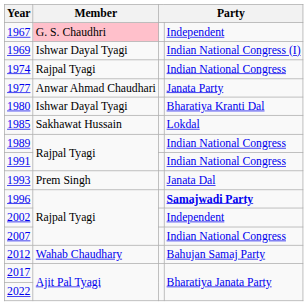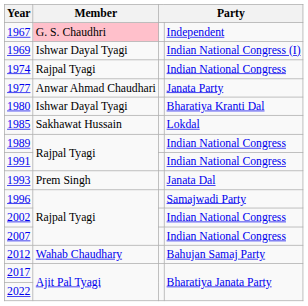 <table class="wikitable">
 <tr>
 <th>Year</th>
 <th>Member</th>
 <th colspan="2">Party</th>
 </tr>
 <tr>
 <td><a href='#'>1967</a></td>
 <td style="background: pink;">G. S. Chaudhri</td>
 <td style="background-color: "></td>
 <td><a href='#'>Independent</a></td>
 </tr>
 <tr>
 <td><a href='#'>1969</a></td>
 <td>Ishwar Dayal Tyagi</td>
 <td style="background-color: "></td>
 <td><a href='#'>Indian National Congress (I)</a></td>
 </tr>
 <tr>
 <td><a href='#'>1974</a></td>
 <td>Rajpal Tyagi</td>
 <td style="background-color: "></td>
 <td><a href='#'>Indian National Congress</a></td>
 </tr>
 <tr>
 <td><a href='#'>1977</a></td>
 <td>Anwar Ahmad Chaudhari</td>
 <td style="background-color: "></td>
 <td><a href='#'>Janata Party</a></td>
 </tr>
 <tr>
 <td><a href='#'>1980</a></td>
 <td>Ishwar Dayal Tyagi</td>
 <td style="background-color: "></td>
 <td><a href='#'>Bharatiya Kranti Dal</a></td>
 </tr>
 <tr>
 <td><a href='#'>1985</a></td>
 <td>Sakhawat Hussain</td>
 <td style="background-color: "></td>
 <td><a href='#'>Lokdal</a></td>
 </tr>
 <tr>
 <td><a href='#'>1989</a></td>
 <td rowspan="2">Rajpal Tyagi</td>
 <td style="background-color: "></td>
 <td><a href='#'>Indian National Congress</a></td>
 </tr>
 <tr>
 <td><a href='#'>1991</a></td>
 <td style="background-color: "></td>
 <td><a href='#'>Indian National Congress</a></td>
 </tr>
 <tr>
 <td><a href='#'>1993</a></td>
 <td>Prem Singh</td>
 <td style="background-color: "></td>
 <td><a href='#'>Janata Dal</a></td>
 </tr>
 <tr>
 <td><a href='#'>1996</a></td>
 <td rowspan="3">Rajpal Tyagi</td>
 <td style="background-color: "></td>
-<td><strong><a href='#'>Samajwadi Party</a></strong></td>
+<td><a href='#'>Samajwadi Party</a></td>
 </tr>
 <tr>
 <td><a href='#'>2002</a></td>
 <td style="background-color: "></td>
-<td><a href='#'>Independent</a></td>
+<td><a href='#'>Indian National Congress</a></td>
 </tr>
 <tr>
 <td><a href='#'>2007</a></td>
 <td style="background-color: "></td>
 <td><a href='#'>Indian National Congress</a></td>
 </tr>
 <tr>
 <td><a href='#'>2012</a></td>
 <td><a href='#'>Wahab Chaudhary</a></td>
 <td style="background-color: "></td>
 <td><a href='#'>Bahujan Samaj Party</a></td>
 </tr>
 <tr>
 <td><a href='#'>2017</a></td>
 <td rowspan="2"><a href='#'>Ajit Pal Tyagi</a></td>
 <td rowspan="2" style="background-color: "></td>
 <td rowspan="2"><a href='#'>Bharatiya Janata Party</a></td>
 </tr>
 <tr>
 <td><a href='#'>2022</a></td>
 </tr>
 </table>
